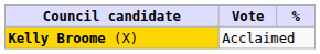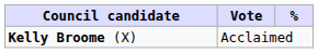 <table class="wikitable">
 <tr>
 <th style="background:#ddf; width:200px;">Council candidate</th>
 <th style="background:#ddf; width:50px;">Vote</th>
 <th style="background:#ddf; width:30px;">%</th>
 </tr>
 <tr>
-<td style="background: gold;"><strong>Kelly Broome</strong> (X)</td>
+<td><strong>Kelly Broome</strong> (X)</td>
 <td colspan="2">Acclaimed</td>
 </tr>
 </table>
